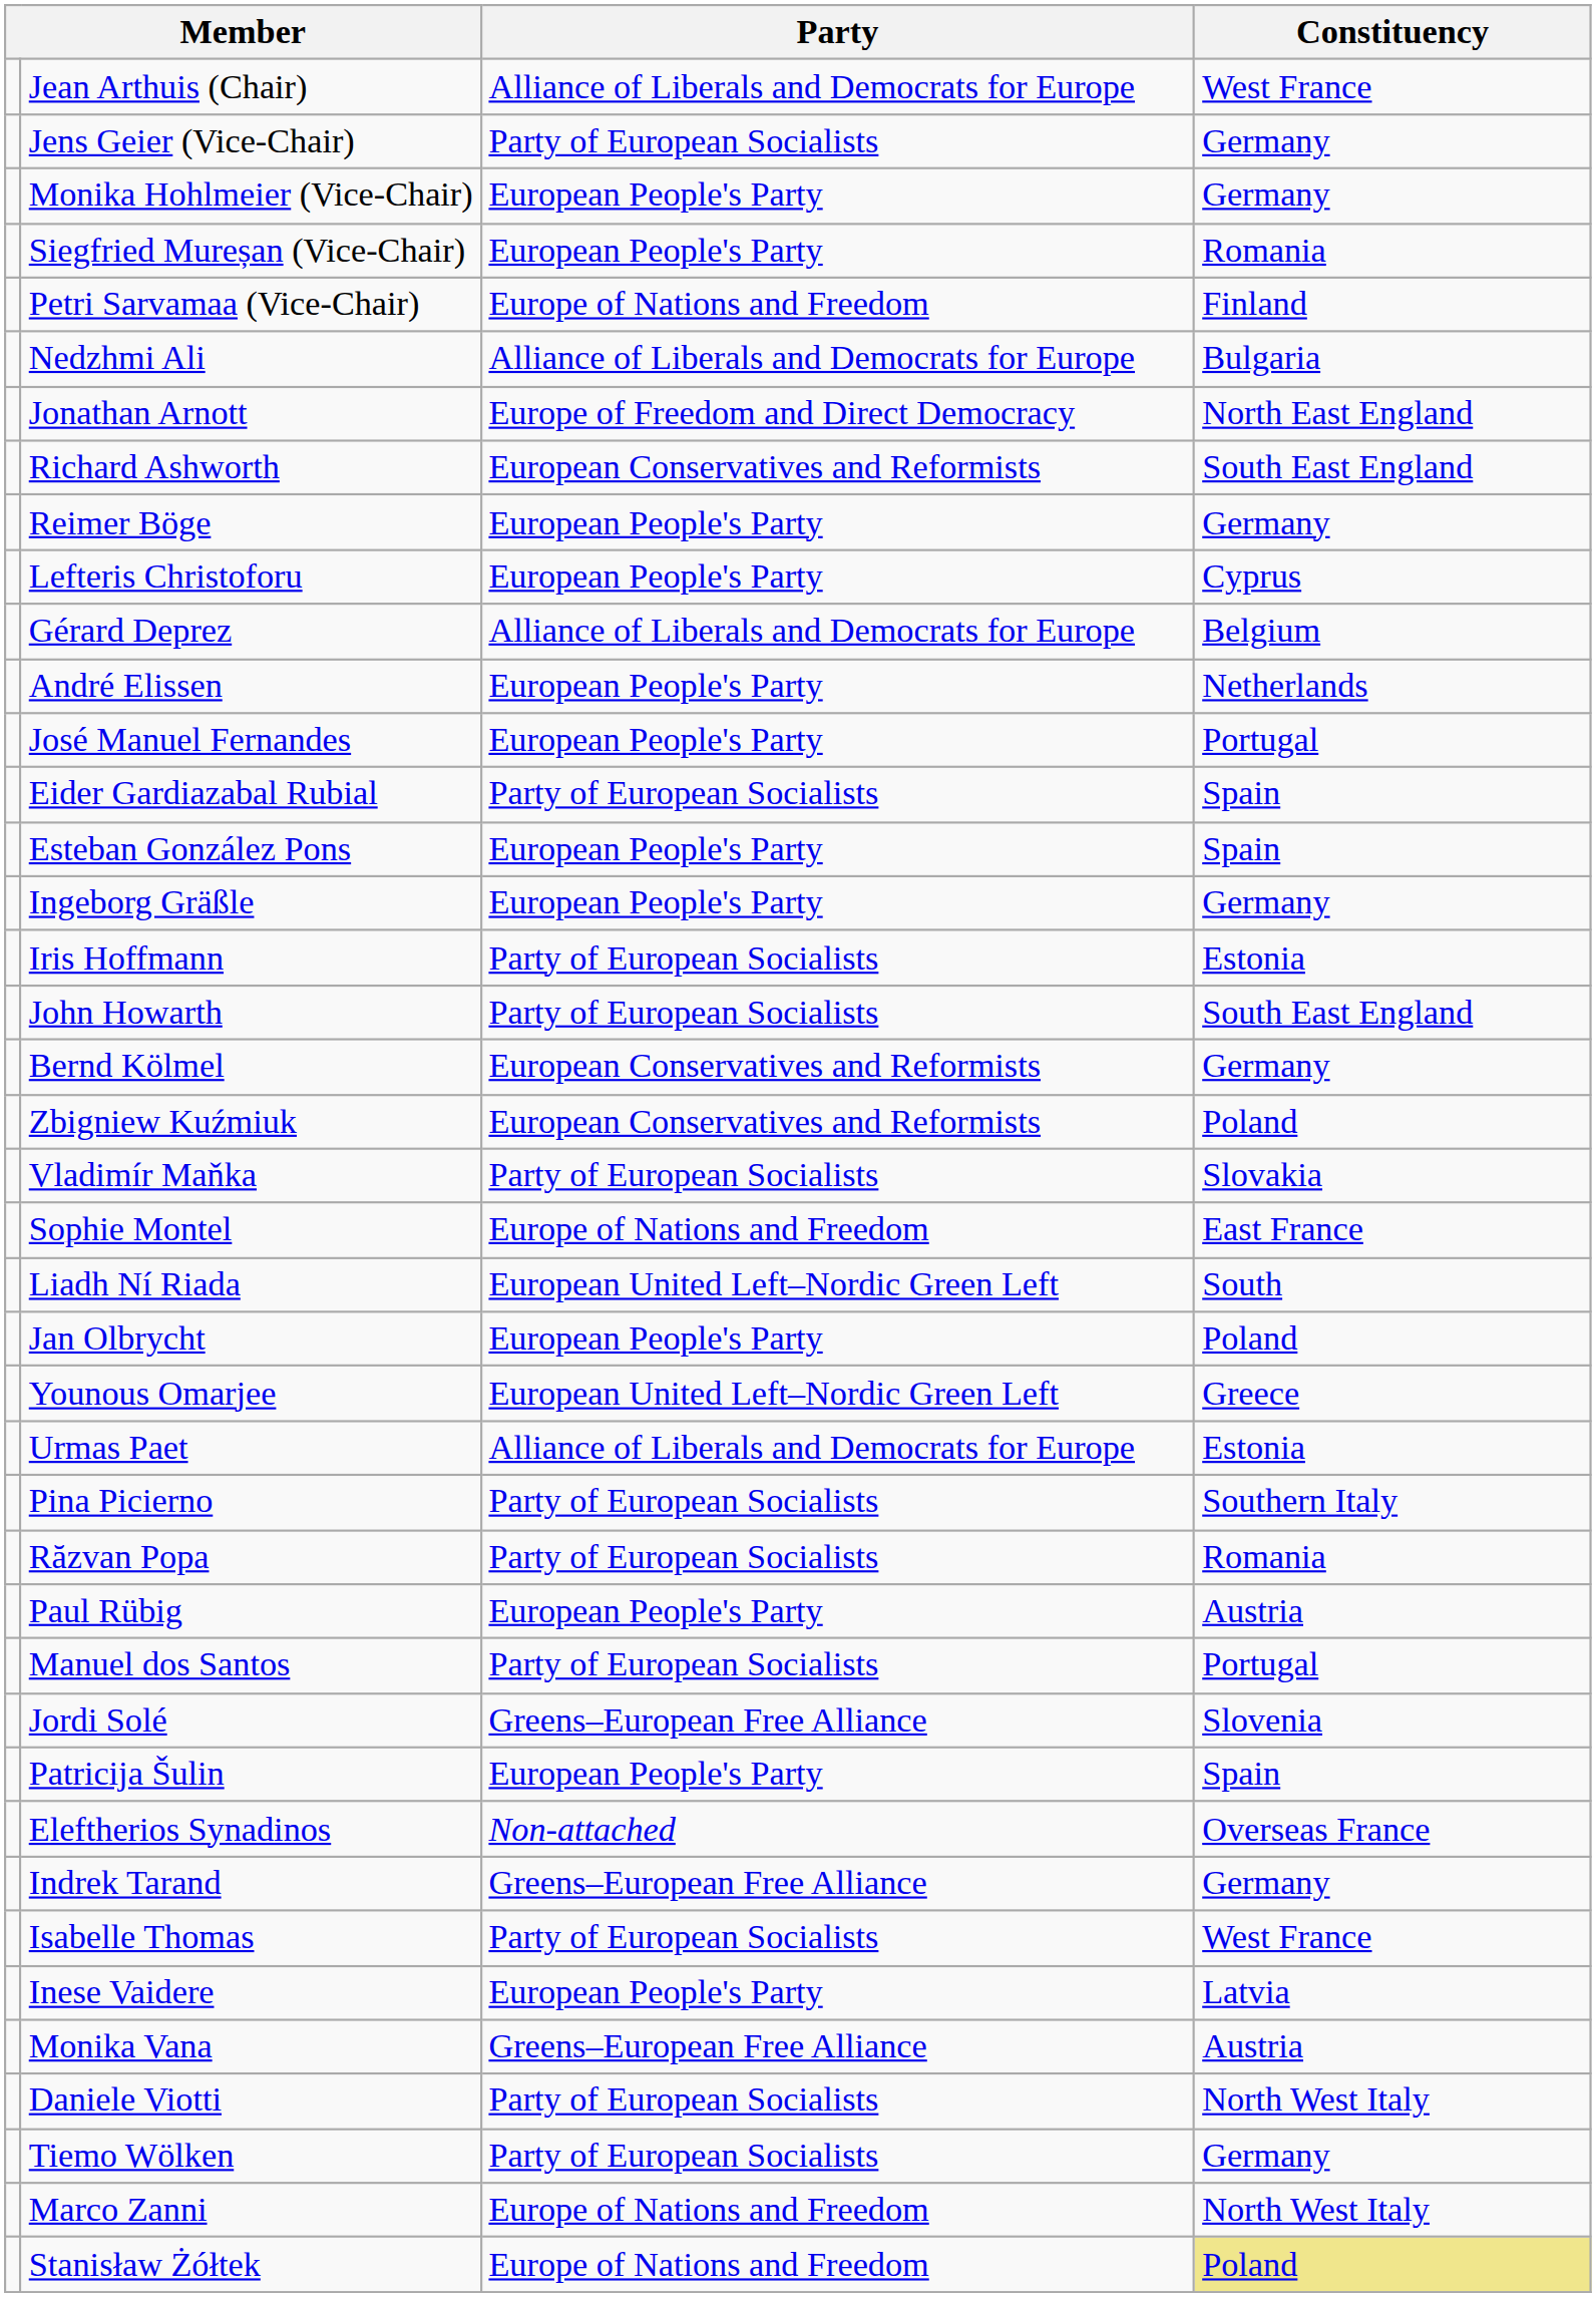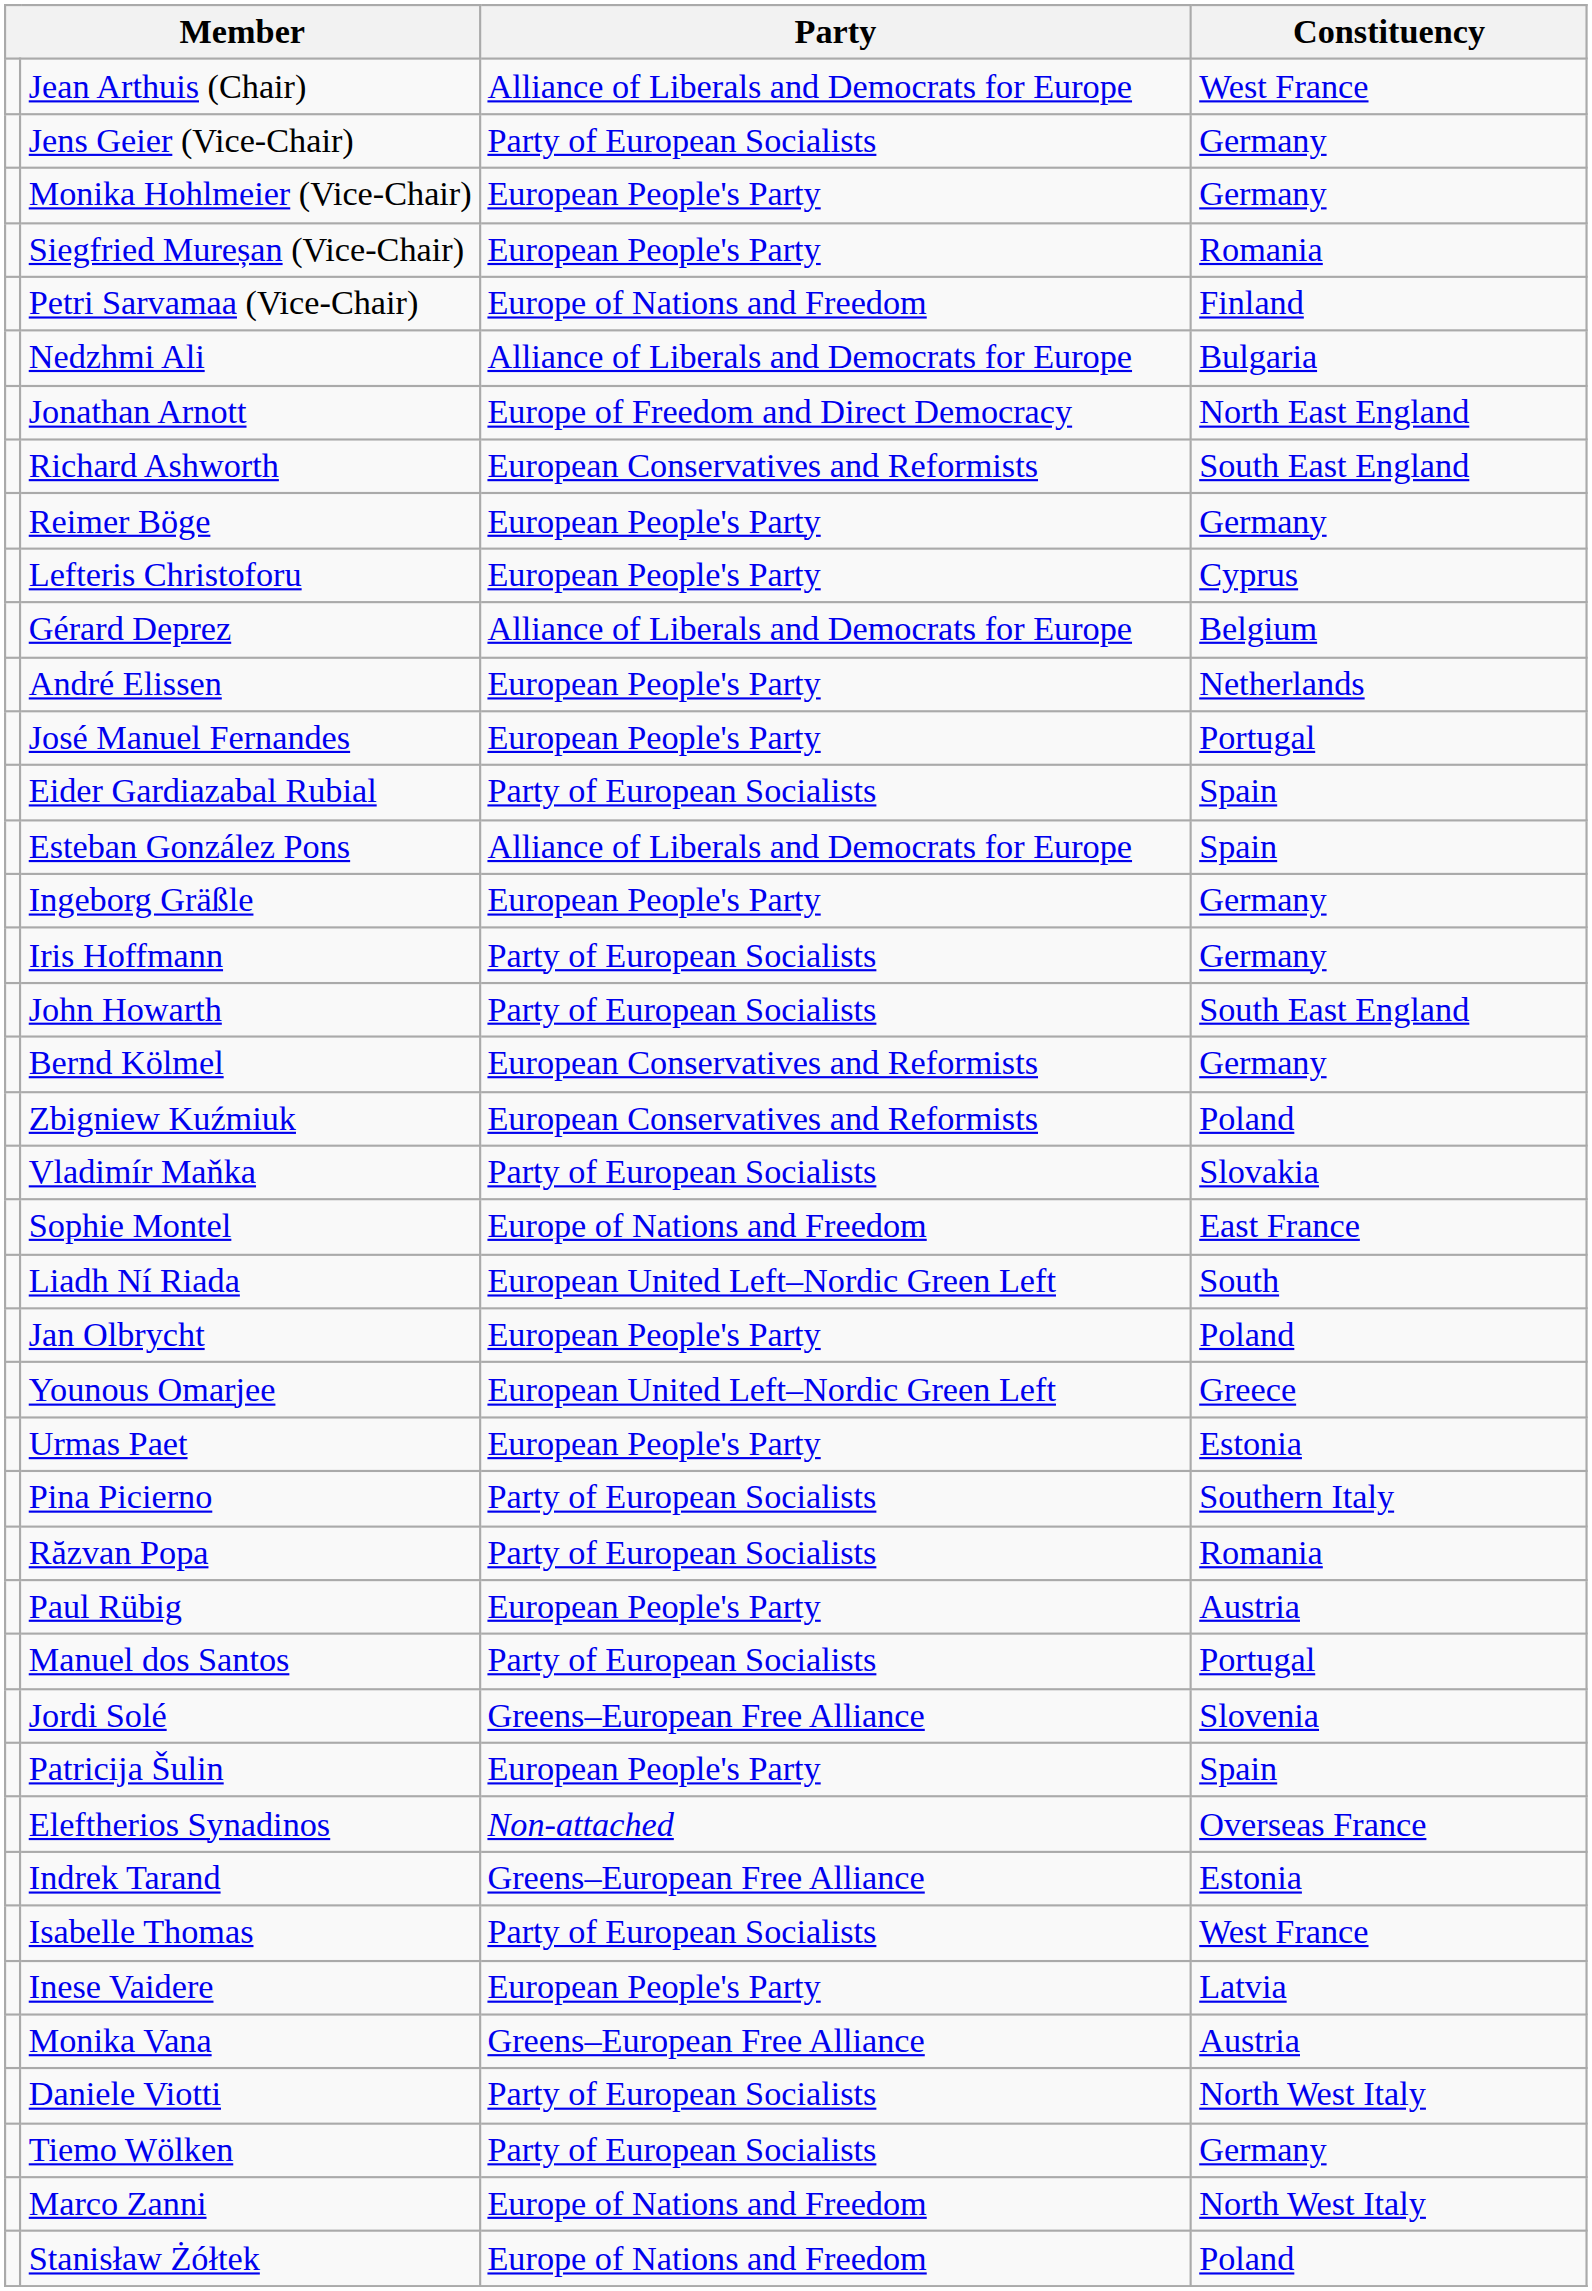 <table class="wikitable">
 <tr>
 <th width="30%" colspan="2">Member</th>
 <th width="45%">Party</th>
 <th width="25%">Constituency</th>
 </tr>
 <tr>
 <td></td>
 <td><a href='#'>Jean Arthuis</a> (Chair)</td>
 <td><a href='#'>Alliance of Liberals and Democrats for Europe</a></td>
 <td><a href='#'>West France</a></td>
 </tr>
 <tr>
 <td></td>
 <td><a href='#'>Jens Geier</a> (Vice-Chair)</td>
 <td><a href='#'>Party of European Socialists</a></td>
 <td><a href='#'>Germany</a></td>
 </tr>
 <tr>
 <td></td>
 <td><a href='#'>Monika Hohlmeier</a> (Vice-Chair)</td>
 <td><a href='#'>European People's Party</a></td>
 <td><a href='#'>Germany</a></td>
 </tr>
 <tr>
 <td></td>
 <td><a href='#'>Siegfried Mureșan</a> (Vice-Chair)</td>
 <td><a href='#'>European People's Party</a></td>
 <td><a href='#'>Romania</a></td>
 </tr>
 <tr>
 <td></td>
 <td><a href='#'>Petri Sarvamaa</a> (Vice-Chair)</td>
 <td><a href='#'>Europe of Nations and Freedom</a></td>
 <td><a href='#'>Finland</a></td>
 </tr>
 <tr>
 <td></td>
 <td><a href='#'>Nedzhmi Ali</a></td>
 <td><a href='#'>Alliance of Liberals and Democrats for Europe</a></td>
 <td><a href='#'>Bulgaria</a></td>
 </tr>
 <tr>
 <td></td>
 <td><a href='#'>Jonathan Arnott</a></td>
 <td><a href='#'>Europe of Freedom and Direct Democracy</a></td>
 <td><a href='#'>North East England</a></td>
 </tr>
 <tr>
 <td></td>
 <td><a href='#'>Richard Ashworth</a></td>
 <td><a href='#'>European Conservatives and Reformists</a></td>
 <td><a href='#'>South East England</a></td>
 </tr>
 <tr>
 <td></td>
 <td><a href='#'>Reimer Böge</a></td>
 <td><a href='#'>European People's Party</a></td>
 <td><a href='#'>Germany</a></td>
 </tr>
 <tr>
 <td></td>
 <td><a href='#'>Lefteris Christoforu</a></td>
 <td><a href='#'>European People's Party</a></td>
 <td><a href='#'>Cyprus</a></td>
 </tr>
 <tr>
 <td></td>
 <td><a href='#'>Gérard Deprez</a></td>
 <td><a href='#'>Alliance of Liberals and Democrats for Europe</a></td>
 <td><a href='#'>Belgium</a></td>
 </tr>
 <tr>
 <td></td>
 <td><a href='#'>André Elissen</a></td>
 <td><a href='#'>European People's Party</a></td>
 <td><a href='#'>Netherlands</a></td>
 </tr>
 <tr>
 <td></td>
 <td><a href='#'>José Manuel Fernandes</a></td>
 <td><a href='#'>European People's Party</a></td>
 <td><a href='#'>Portugal</a></td>
 </tr>
 <tr>
 <td></td>
 <td><a href='#'>Eider Gardiazabal Rubial</a></td>
 <td><a href='#'>Party of European Socialists</a></td>
 <td><a href='#'>Spain</a></td>
 </tr>
 <tr>
 <td></td>
 <td><a href='#'>Esteban González Pons</a></td>
-<td><a href='#'>European People's Party</a></td>
+<td><a href='#'>Alliance of Liberals and Democrats for Europe</a></td>
 <td><a href='#'>Spain</a></td>
 </tr>
 <tr>
 <td></td>
 <td><a href='#'>Ingeborg Gräßle</a></td>
 <td><a href='#'>European People's Party</a></td>
 <td><a href='#'>Germany</a></td>
 </tr>
 <tr>
 <td></td>
 <td><a href='#'>Iris Hoffmann</a></td>
 <td><a href='#'>Party of European Socialists</a></td>
-<td><a href='#'>Estonia</a></td>
+<td><a href='#'>Germany</a></td>
 </tr>
 <tr>
 <td></td>
 <td><a href='#'>John Howarth</a></td>
 <td><a href='#'>Party of European Socialists</a></td>
 <td><a href='#'>South East England</a></td>
 </tr>
 <tr>
 <td></td>
 <td><a href='#'>Bernd Kölmel</a></td>
 <td><a href='#'>European Conservatives and Reformists</a></td>
 <td><a href='#'>Germany</a></td>
 </tr>
 <tr>
 <td></td>
 <td><a href='#'>Zbigniew Kuźmiuk</a></td>
 <td><a href='#'>European Conservatives and Reformists</a></td>
 <td><a href='#'>Poland</a></td>
 </tr>
 <tr>
 <td></td>
 <td><a href='#'>Vladimír Maňka</a></td>
 <td><a href='#'>Party of European Socialists</a></td>
 <td><a href='#'>Slovakia</a></td>
 </tr>
 <tr>
 <td></td>
 <td><a href='#'>Sophie Montel</a></td>
 <td><a href='#'>Europe of Nations and Freedom</a></td>
 <td><a href='#'>East France</a></td>
 </tr>
 <tr>
 <td></td>
 <td><a href='#'>Liadh Ní Riada</a></td>
 <td><a href='#'>European United Left–Nordic Green Left</a></td>
 <td><a href='#'>South</a></td>
 </tr>
 <tr>
 <td></td>
 <td><a href='#'>Jan Olbrycht</a></td>
 <td><a href='#'>European People's Party</a></td>
 <td><a href='#'>Poland</a></td>
 </tr>
 <tr>
 <td></td>
 <td><a href='#'>Younous Omarjee</a></td>
 <td><a href='#'>European United Left–Nordic Green Left</a></td>
 <td><a href='#'>Greece</a></td>
 </tr>
 <tr>
 <td></td>
 <td><a href='#'>Urmas Paet</a></td>
-<td><a href='#'>Alliance of Liberals and Democrats for Europe</a></td>
+<td><a href='#'>European People's Party</a></td>
 <td><a href='#'>Estonia</a></td>
 </tr>
 <tr>
 <td></td>
 <td><a href='#'>Pina Picierno</a></td>
 <td><a href='#'>Party of European Socialists</a></td>
 <td><a href='#'>Southern Italy</a></td>
 </tr>
 <tr>
 <td></td>
 <td><a href='#'>Răzvan Popa</a></td>
 <td><a href='#'>Party of European Socialists</a></td>
 <td><a href='#'>Romania</a></td>
 </tr>
 <tr>
 <td></td>
 <td><a href='#'>Paul Rübig</a></td>
 <td><a href='#'>European People's Party</a></td>
 <td><a href='#'>Austria</a></td>
 </tr>
 <tr>
 <td></td>
 <td><a href='#'>Manuel dos Santos</a></td>
 <td><a href='#'>Party of European Socialists</a></td>
 <td><a href='#'>Portugal</a></td>
 </tr>
 <tr>
 <td></td>
 <td><a href='#'>Jordi Solé</a></td>
 <td><a href='#'>Greens–European Free Alliance</a></td>
 <td><a href='#'>Slovenia</a></td>
 </tr>
 <tr>
 <td></td>
 <td><a href='#'>Patricija Šulin</a></td>
 <td><a href='#'>European People's Party</a></td>
 <td><a href='#'>Spain</a></td>
 </tr>
 <tr>
 <td bgcolor=></td>
 <td><a href='#'>Eleftherios Synadinos</a></td>
 <td><a href='#'><em>Non-attached</em></a></td>
 <td><a href='#'>Overseas France</a></td>
 </tr>
 <tr>
 <td></td>
 <td><a href='#'>Indrek Tarand</a></td>
 <td><a href='#'>Greens–European Free Alliance</a></td>
-<td><a href='#'>Germany</a></td>
+<td><a href='#'>Estonia</a></td>
 </tr>
 <tr>
 <td></td>
 <td><a href='#'>Isabelle Thomas</a></td>
 <td><a href='#'>Party of European Socialists</a></td>
 <td><a href='#'>West France</a></td>
 </tr>
 <tr>
 <td></td>
 <td><a href='#'>Inese Vaidere</a></td>
 <td><a href='#'>European People's Party</a></td>
 <td><a href='#'>Latvia</a></td>
 </tr>
 <tr>
 <td></td>
 <td><a href='#'>Monika Vana</a></td>
 <td><a href='#'>Greens–European Free Alliance</a></td>
 <td><a href='#'>Austria</a></td>
 </tr>
 <tr>
 <td></td>
 <td><a href='#'>Daniele Viotti</a></td>
 <td><a href='#'>Party of European Socialists</a></td>
 <td><a href='#'>North West Italy</a></td>
 </tr>
 <tr>
 <td></td>
 <td><a href='#'>Tiemo Wölken</a></td>
 <td><a href='#'>Party of European Socialists</a></td>
 <td><a href='#'>Germany</a></td>
 </tr>
 <tr>
 <td></td>
 <td><a href='#'>Marco Zanni</a></td>
 <td><a href='#'>Europe of Nations and Freedom</a></td>
 <td><a href='#'>North West Italy</a></td>
 </tr>
 <tr>
 <td></td>
 <td><a href='#'>Stanisław Żółtek</a></td>
 <td><a href='#'>Europe of Nations and Freedom</a></td>
-<td style="background: khaki;"><a href='#'>Poland</a></td>
+<td><a href='#'>Poland</a></td>
 </tr>
 <tr>
 </tr>
 </table>
